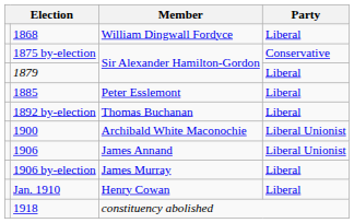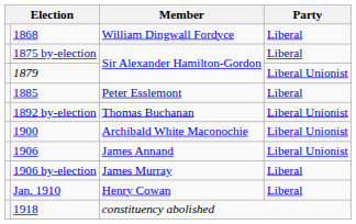 <table class="wikitable">
 <tr>
 <th colspan="2">Election</th>
 <th>Member</th>
 <th>Party</th>
 </tr>
 <tr>
 <td style="color:inherit;background-color: "></td>
 <td><a href='#'>1868</a></td>
 <td><a href='#'>William Dingwall Fordyce</a></td>
 <td><a href='#'>Liberal</a></td>
 </tr>
 <tr>
 <td style="color:inherit;background-color: "></td>
 <td><a href='#'>1875 by-election</a></td>
 <td rowspan = 2><a href='#'>Sir Alexander Hamilton-Gordon</a></td>
-<td><a href='#'>Conservative</a></td>
+<td><a href='#'>Liberal</a></td>
 </tr>
 <tr>
 <td style="color:inherit;background-color: "></td>
 <td><em>1879</em></td>
-<td><a href='#'>Liberal</a></td>
+<td><a href='#'>Liberal Unionist</a></td>
 </tr>
 <tr>
 <td style="color:inherit;background-color: "></td>
 <td><a href='#'>1885</a></td>
 <td><a href='#'>Peter Esslemont</a></td>
 <td><a href='#'>Liberal</a></td>
 </tr>
 <tr>
 <td style="color:inherit;background-color: "></td>
 <td><a href='#'>1892 by-election</a></td>
 <td><a href='#'>Thomas Buchanan</a></td>
-<td><a href='#'>Liberal</a></td>
+<td><a href='#'>Liberal Unionist</a></td>
 </tr>
 <tr>
 <td style="color:inherit;background-color: "></td>
 <td><a href='#'>1900</a></td>
 <td><a href='#'>Archibald White Maconochie</a></td>
 <td><a href='#'>Liberal Unionist</a></td>
 </tr>
 <tr>
 <td style="color:inherit;background-color: "></td>
 <td><a href='#'>1906</a></td>
 <td><a href='#'>James Annand</a></td>
 <td><a href='#'>Liberal Unionist</a></td>
 </tr>
 <tr>
 <td style="color:inherit;background-color: "></td>
 <td><a href='#'>1906 by-election</a></td>
 <td><a href='#'>James Murray</a></td>
 <td><a href='#'>Liberal</a></td>
 </tr>
 <tr>
 <td style="color:inherit;background-color: "></td>
 <td><a href='#'>Jan. 1910</a></td>
 <td><a href='#'>Henry Cowan</a></td>
 <td><a href='#'>Liberal</a></td>
 </tr>
 <tr>
 <td></td>
 <td><a href='#'>1918</a></td>
 <td colspan="2"><em>constituency abolished</em></td>
 </tr>
 </table>
